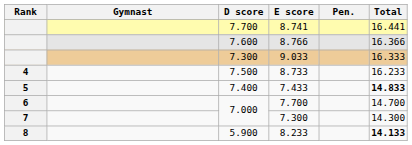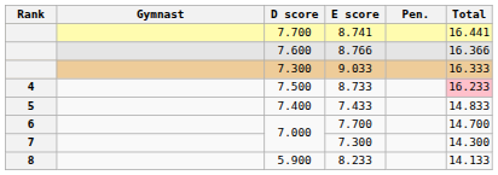 <table class="wikitable sortable" style="text-align:center; font-size:95%">
 <tr>
 <th scope="col" style="width:50px;">Rank</th>
 <th scope="col" style="width:220px;">Gymnast</th>
 <th scope="col" style="width:60px;">D score</th>
 <th scope="col" style="width:60px;">E score</th>
 <th scope="col" style="width:60px;">Pen.</th>
 <th scope="col">Total</th>
 </tr>
 <tr style="background:#fffcaf;">
 <th scope=row style="text-align:center"></th>
 <td style="text-align:left;"></td>
 <td>7.700</td>
 <td>8.741</td>
 <td></td>
 <td>16.441</td>
 </tr>
 <tr style="background:#e5e5e5;">
 <th scope=row style="text-align:center"></th>
 <td style="text-align:left;"></td>
 <td>7.600</td>
 <td>8.766</td>
 <td></td>
 <td>16.366</td>
 </tr>
 <tr style="background:#ec9;">
 <th scope=row style="text-align:center"></th>
 <td style="text-align:left;"></td>
 <td>7.300</td>
 <td>9.033</td>
 <td></td>
 <td>16.333</td>
 </tr>
 <tr>
 <th scope=row style="text-align:center">4</th>
 <td style="text-align:left;"></td>
 <td>7.500</td>
 <td>8.733</td>
 <td></td>
-<td>16.233</td>
+<td style="background: pink;">16.233</td>
 </tr>
 <tr>
 <th scope=row style="text-align:center">5</th>
 <td style="text-align:left;"></td>
 <td>7.400</td>
 <td>7.433</td>
 <td></td>
-<td><strong>14.833</strong></td>
+<td>14.833</td>
 </tr>
 <tr>
 <th scope=row style="text-align:center">6</th>
 <td style="text-align:left;"></td>
 <td rowspan="2">7.000</td>
 <td>7.700</td>
 <td></td>
 <td>14.700</td>
 </tr>
 <tr>
 <th scope=row style="text-align:center">7</th>
 <td style="text-align:left;"></td>
 <td>7.300</td>
 <td></td>
 <td>14.300</td>
 </tr>
 <tr>
 <th scope=row style="text-align:center">8</th>
 <td style="text-align:left;"></td>
 <td>5.900</td>
 <td>8.233</td>
 <td></td>
-<td><strong>14.133</strong></td>
+<td>14.133</td>
 </tr>
 </table>
